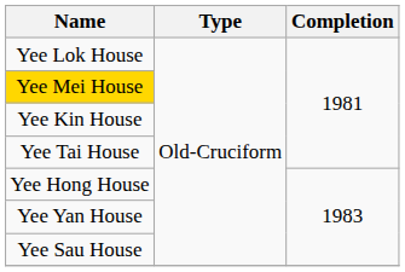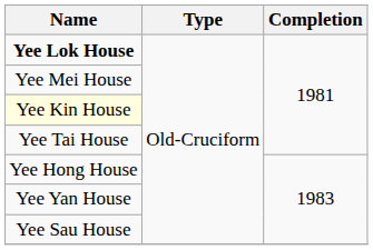 <table class="wikitable" style="text-align: center">
 <tr>
 <th>Name</th>
 <th>Type</th>
 <th>Completion</th>
 </tr>
 <tr>
-<td>Yee Lok House</td>
+<td><strong>Yee Lok House</strong></td>
 <td rowspan="7">Old-Cruciform</td>
 <td rowspan="4">1981</td>
 </tr>
 <tr>
-<td style="background: gold;">Yee Mei House</td>
+<td>Yee Mei House</td>
 </tr>
 <tr>
-<td>Yee Kin House</td>
+<td style="background: lightyellow;">Yee Kin House</td>
 </tr>
 <tr>
 <td>Yee Tai House</td>
 </tr>
 <tr>
 <td>Yee Hong House</td>
 <td rowspan="3">1983</td>
 </tr>
 <tr>
 <td>Yee Yan House</td>
 </tr>
 <tr>
 <td>Yee Sau House</td>
 </tr>
 <tr>
 </tr>
 </table>
